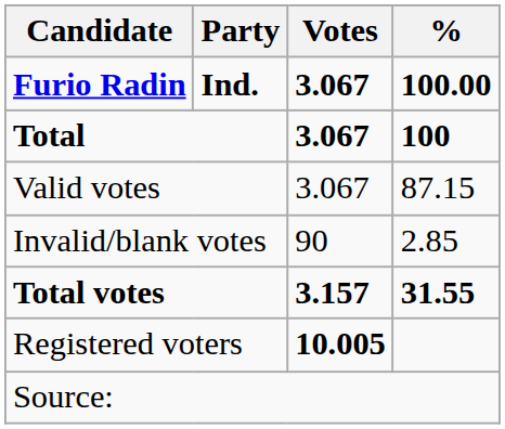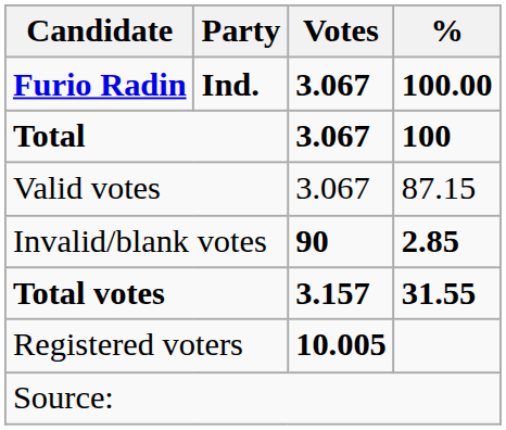 <table class="wikitable" style="text-align: left;">
 <tr>
 <th>Candidate</th>
 <th>Party</th>
 <th>Votes</th>
 <th>%</th>
 </tr>
 <tr>
 <td><strong><a href='#'>Furio Radin</a></strong></td>
 <td><strong>Ind.</strong></td>
 <td><strong>3.067</strong></td>
 <td><strong>100.00</strong></td>
 </tr>
 <tr>
 <td colspan="2"><strong>Total</strong></td>
 <td><strong>3.067</strong></td>
 <td><strong>100</strong></td>
 </tr>
 <tr>
 <td colspan="2">Valid votes</td>
 <td>3.067</td>
 <td>87.15</td>
 </tr>
 <tr>
 <td colspan="2">Invalid/blank votes</td>
-<td>90</td>
-<td>2.85</td>
+<td><strong>90</strong></td>
+<td><strong>2.85</strong></td>
 </tr>
 <tr>
 <td colspan="2"><strong>Total votes</strong></td>
 <td><strong>3.157</strong></td>
 <td><strong>31.55</strong></td>
 </tr>
 <tr>
 <td colspan="2">Registered voters</td>
 <td><strong>10.005</strong></td>
 <td></td>
 </tr>
 <tr>
 <td colspan="4">Source: </td>
 </tr>
 </table>
